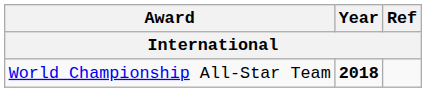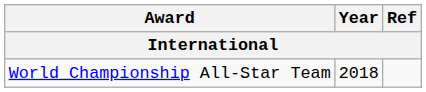 <table class="wikitable">
 <tr>
 <th>Award</th>
 <th>Year</th>
 <th>Ref</th>
 </tr>
 <tr>
 <th colspan="3">International</th>
 </tr>
 <tr>
 <td><a href='#'>World Championship</a> All-Star Team</td>
-<td><strong>2018</strong></td>
+<td>2018</td>
 <td></td>
 </tr>
 </table>
